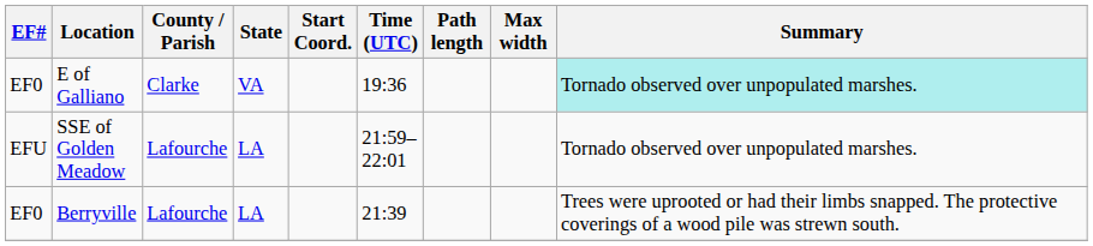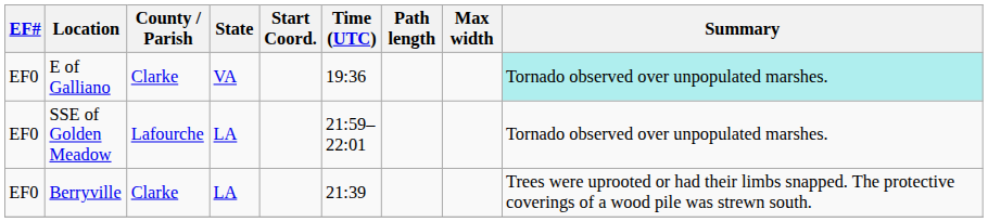 <table class="wikitable sortable" style="width:100%;">
 <tr>
 <th scope="col"  style="width:3%; text-align:center;"><a href='#'>EF#</a></th>
 <th scope="col"  style="width:7%; text-align:center;" class="unsortable">Location</th>
 <th scope="col"  style="width:6%; text-align:center;" class="unsortable">County / Parish</th>
 <th scope="col"  style="width:5%; text-align:center;">State</th>
 <th scope="col"  style="width:6%; text-align:center;">Start Coord.</th>
 <th scope="col"  style="width:6%; text-align:center;">Time (<a href='#'>UTC</a>)</th>
 <th scope="col"  style="width:6%; text-align:center;">Path length</th>
 <th scope="col"  style="width:6%; text-align:center;">Max width</th>
 <th scope="col" class="unsortable" style="width:48%; text-align:center;">Summary</th>
 </tr>
 <tr>
 <td>EF0</td>
 <td>E of <a href='#'>Galliano</a></td>
 <td><a href='#'>Clarke</a></td>
 <td><a href='#'>VA</a></td>
 <td></td>
 <td>19:36</td>
 <td></td>
 <td></td>
 <td style="background: paleturquoise;">Tornado observed over unpopulated marshes.</td>
 </tr>
 <tr>
-<td>EFU</td>
+<td>EF0</td>
 <td>SSE of <a href='#'>Golden Meadow</a></td>
 <td><a href='#'>Lafourche</a></td>
 <td><a href='#'>LA</a></td>
 <td></td>
 <td>21:59–22:01</td>
 <td></td>
 <td></td>
 <td>Tornado observed over unpopulated marshes.</td>
 </tr>
 <tr>
 <td>EF0</td>
 <td><a href='#'>Berryville</a></td>
-<td><a href='#'>Lafourche</a></td>
+<td><a href='#'>Clarke</a></td>
 <td><a href='#'>LA</a></td>
 <td></td>
 <td>21:39</td>
 <td></td>
 <td></td>
 <td>Trees were uprooted or had their limbs snapped. The protective coverings of a wood pile was strewn south.</td>
 </tr>
 <tr>
 </tr>
 </table>
